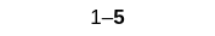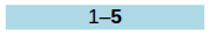 <table width="100%" cellspacing="1">
 <tr>
 <th width=45%></th>
 <th width=10%></th>
 <th width=45%></th>
 </tr>
 <tr>
 <td></td>
-<td align="center">1–<strong>5</strong></td>
+<td align="center" style="background: lightblue;">1–<strong>5</strong></td>
 <td><strong></strong></td>
 </tr>
 </table>
